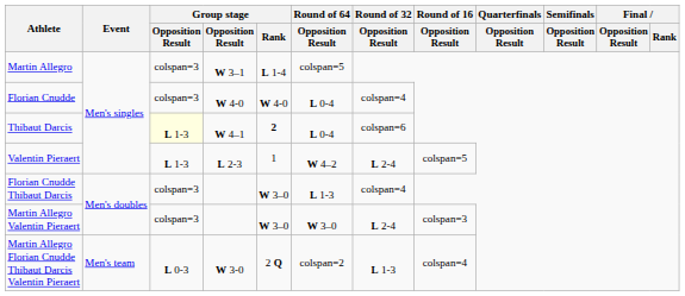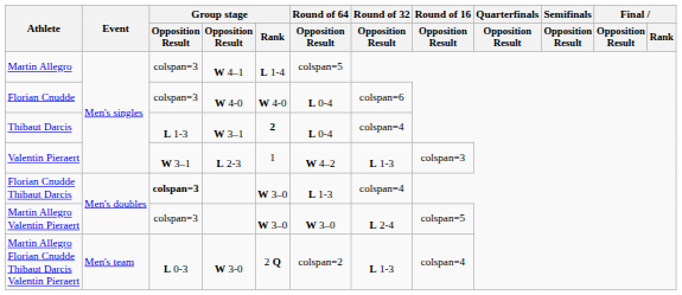 <table class="wikitable" style="text-align:center; font-size:90%">
 <tr>
 <th rowspan=2>Athlete</th>
 <th rowspan=2>Event</th>
 <th colspan=3>Group stage</th>
 <th>Round of 64</th>
 <th>Round of 32</th>
 <th>Round of 16</th>
 <th>Quarterfinals</th>
 <th>Semifinals</th>
 <th colspan=2>Final / </th>
 </tr>
 <tr style="font-size:95%">
 <th>Opposition<br>Result</th>
 <th>Opposition<br>Result</th>
 <th>Rank</th>
 <th>Opposition<br>Result</th>
 <th>Opposition<br>Result</th>
 <th>Opposition<br>Result</th>
 <th>Opposition<br>Result</th>
 <th>Opposition<br>Result</th>
 <th>Opposition<br>Result</th>
 <th>Rank</th>
 </tr>
 <tr>
 <td align=left><a href='#'>Martin Allegro</a></td>
 <td rowspan=4 align=left><a href='#'>Men's singles</a></td>
 <td>colspan=3 </td>
-<td><br><strong>W</strong> 3–1</td>
+<td><br><strong>W</strong> 4–1</td>
 <td><br><strong>L</strong> 1-4</td>
 <td>colspan=5 </td>
 </tr>
 <tr>
 <td align=left><a href='#'>Florian Cnudde</a></td>
 <td>colspan=3 </td>
 <td><br><strong>W</strong> 4-0</td>
 <td><br><strong>W</strong> 4-0</td>
 <td><br><strong>L</strong> 0-4</td>
+<td>colspan=6 </td>
+</tr>
+<tr>
+<td align=left><a href='#'>Thibaut Darcis</a></td>
+<td><br><strong>L</strong> 1-3</td>
+<td><br><strong>W</strong> 3–1</td>
+<td><strong>2</strong></td>
+<td><br><strong>L</strong> 0-4</td>
 <td>colspan=4 </td>
 </tr>
 <tr>
-<td align=left><a href='#'>Thibaut Darcis</a></td>
-<td style="background: lightyellow;"><br><strong>L</strong> 1-3</td>
-<td><br><strong>W</strong> 4–1</td>
-<td><strong>2</strong></td>
-<td><br><strong>L</strong> 0-4</td>
-<td>colspan=6 </td>
-</tr>
-<tr>
 <td align=left><a href='#'>Valentin Pieraert</a></td>
-<td><br><strong>L</strong> 1-3</td>
+<td><br><strong>W</strong> 3–1</td>
 <td><br><strong>L</strong> 2-3</td>
 <td>1</td>
 <td><br><strong>W</strong> 4–2</td>
-<td><br><strong>L</strong> 2-4</td>
-<td>colspan=5 </td>
+<td><br><strong>L</strong> 1-3</td>
+<td>colspan=3 </td>
 </tr>
 <tr>
 <td align=left><a href='#'>Florian Cnudde</a><br><a href='#'>Thibaut Darcis</a></td>
 <td align=left rowspan=2><a href='#'>Men's doubles</a></td>
-<td>colspan=3 </td>
+<td><strong>colspan=3 </strong></td>
 <td></td>
 <td><br><strong>W</strong> 3–0</td>
 <td><br><strong>L</strong> 1-3</td>
 <td>colspan=4 </td>
 </tr>
 <tr>
 <td align=left><a href='#'>Martin Allegro</a><br><a href='#'>Valentin Pieraert</a></td>
 <td>colspan=3 </td>
 <td></td>
 <td><br><strong>W</strong> 3–0</td>
 <td><br><strong>W</strong> 3–0</td>
 <td><br><strong>L</strong> 2-4</td>
-<td>colspan=3 </td>
+<td>colspan=5 </td>
 </tr>
 <tr>
 <td align=left><a href='#'>Martin Allegro</a><br><a href='#'>Florian Cnudde</a><br><a href='#'>Thibaut Darcis</a><br><a href='#'>Valentin Pieraert</a></td>
 <td align=left><a href='#'>Men's team</a></td>
 <td><br><strong>L</strong> 0-3</td>
 <td><br><strong>W</strong> 3-0</td>
 <td>2 <strong>Q</strong></td>
 <td>colspan=2 </td>
 <td><br><strong>L</strong> 1-3</td>
 <td>colspan=4 </td>
 </tr>
 </table>
